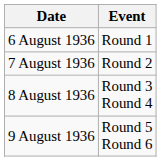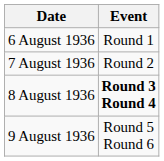 <table class = "wikitable" style="text-align:center;">
 <tr>
 <th>Date</th>
 <th>Event</th>
 </tr>
 <tr>
 <td>6 August 1936</td>
 <td>Round 1</td>
 </tr>
 <tr>
 <td>7 August 1936</td>
 <td>Round 2</td>
 </tr>
 <tr>
 <td>8 August 1936</td>
-<td>Round 3<br>Round 4</td>
+<td><strong>Round 3<br>Round 4</strong></td>
 </tr>
 <tr>
 <td>9 August 1936</td>
 <td>Round 5<br>Round 6</td>
 </tr>
 </table>
